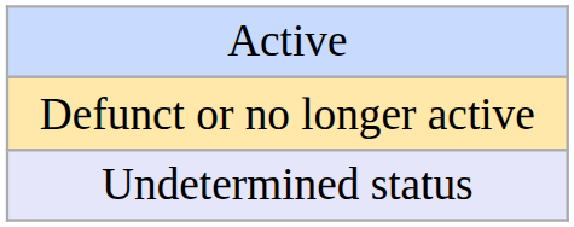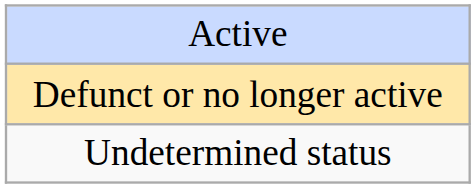 <table class="wikitable" style="width:200px;" align="right">
 <tr style="background:#c9daff; text-align:center;">
 <td>Active</td>
 </tr>
 <tr style="background:#ffe8a9; text-align:center;">
 <td>Defunct or no longer active</td>
 </tr>
 <tr style="text-align:center;">
-<td style="background: lavender;">Undetermined status</td>
+<td>Undetermined status</td>
 </tr>
 </table>
